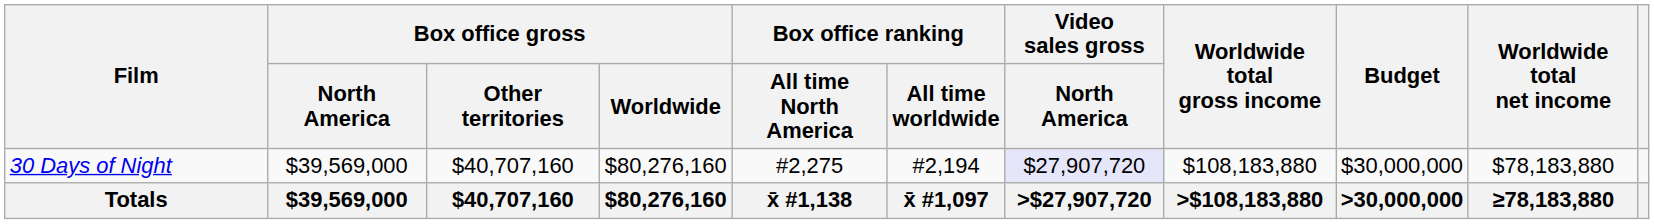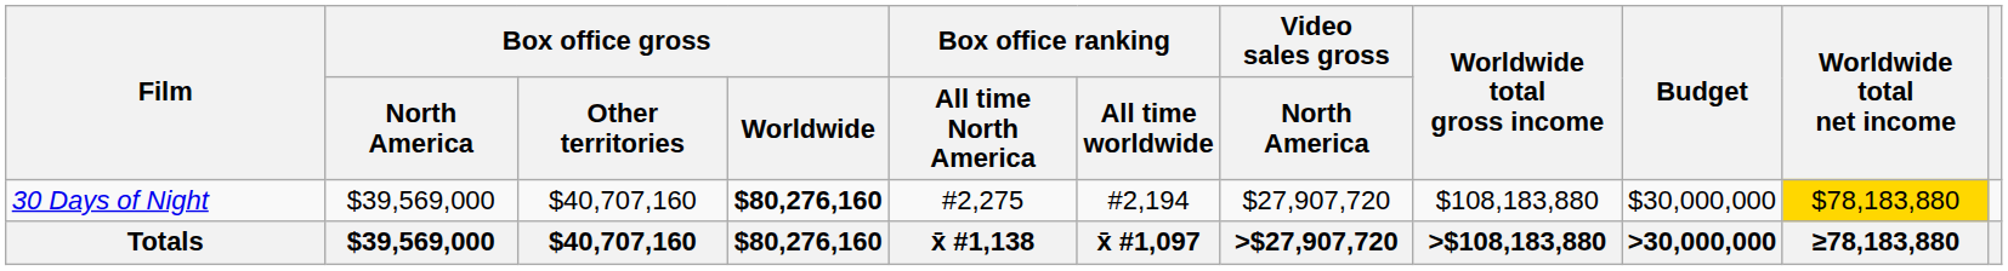 <table class="wikitable sortable" width=95% border="1" style="text-align: center;">
 <tr>
 <th rowspan="2" style="width:16%;">Film</th>
 <th colspan="3">Box office gross</th>
 <th colspan="2">Box office ranking</th>
 <th>Video <br>sales gross</th>
 <th rowspan="2">Worldwide total<br>gross income</th>
 <th rowspan="2">Budget</th>
 <th rowspan="2">Worldwide total<br>net income</th>
 <th rowspan="2"></th>
 </tr>
 <tr>
 <th>North America</th>
 <th>Other territories</th>
 <th>Worldwide</th>
 <th>All time <br>North America</th>
 <th>All time <br>worldwide</th>
 <th>North America</th>
 </tr>
 <tr>
 <td style="text-align: left;"><em><a href='#'>30 Days of Night</a></em></td>
 <td>$39,569,000</td>
 <td>$40,707,160</td>
-<td>$80,276,160</td>
+<td><strong>$80,276,160</strong></td>
 <td>#2,275</td>
 <td>#2,194</td>
-<td style="background: lavender;">$27,907,720</td>
+<td>$27,907,720</td>
 <td>$108,183,880</td>
 <td>$30,000,000</td>
-<td>$78,183,880</td>
+<td style="background: gold;">$78,183,880</td>
 <td></td>
 </tr>
 <tr>
 <th>Totals</th>
 <th>$39,569,000</th>
 <th>$40,707,160</th>
 <th>$80,276,160</th>
 <th>x̄ #1,138</th>
 <th>x̄ #1,097</th>
 <th>>$27,907,720</th>
 <th>>$108,183,880</th>
 <th>>30,000,000</th>
 <th>≥78,183,880</th>
 <th></th>
 </tr>
 </table>
